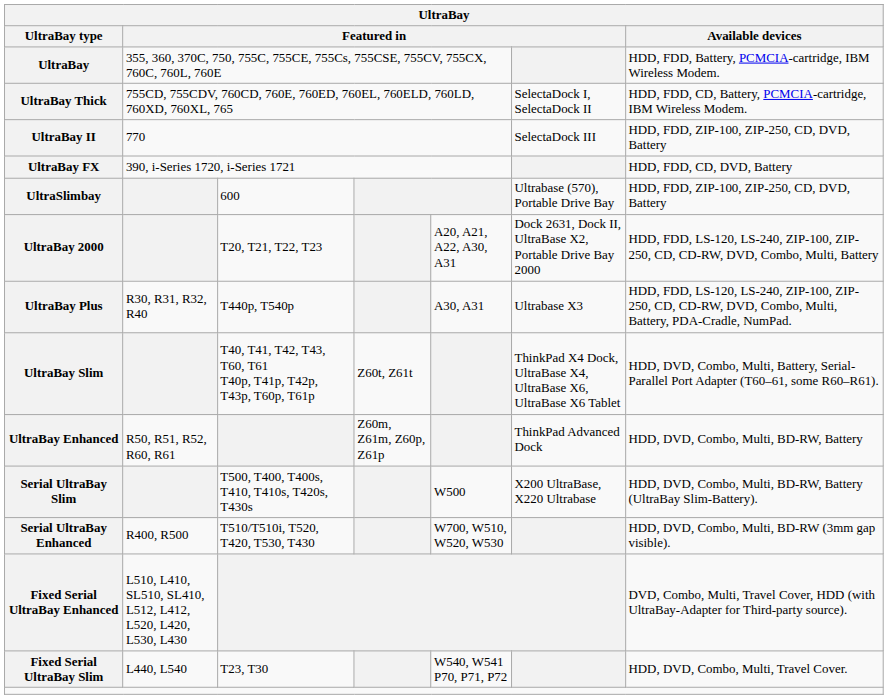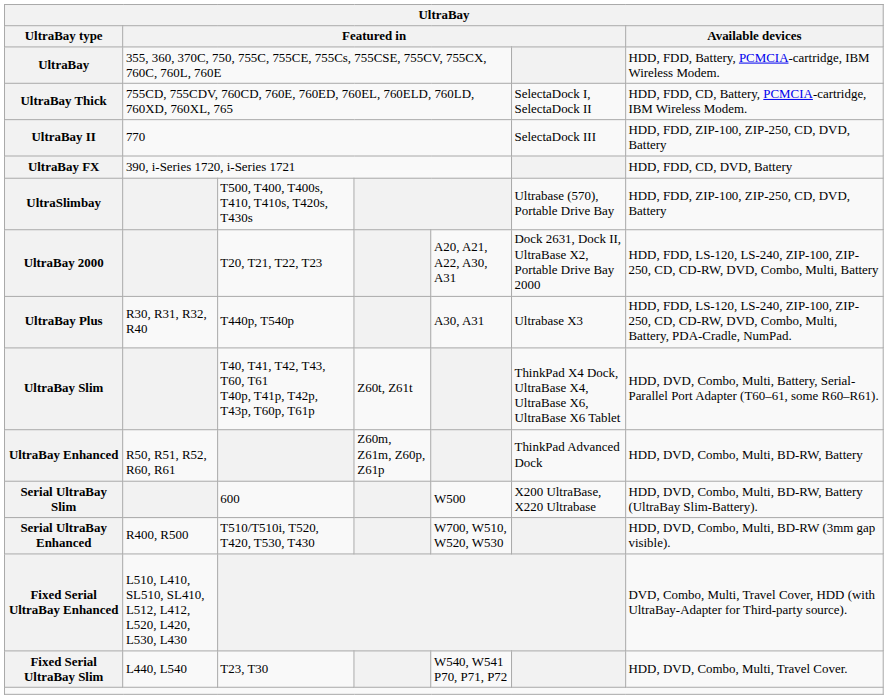 <table class="wikitable mw-collapsible" style="font-size: 80%; min-width: 75%;">
 <tr>
 <th colspan="7">UltraBay</th>
 </tr>
 <tr>
 <th>UltraBay type</th>
 <th colspan="5">Featured in</th>
 <th>Available devices</th>
 </tr>
 <tr>
 <th>UltraBay</th>
 <td colspan="4">355, 360, 370C, 750, 755C, 755CE, 755Cs, 755CSE, 755CV, 755CX, 760C, 760L, 760E</td>
 <th></th>
 <td>HDD, FDD, Battery, <a href='#'>PCMCIA</a>-cartridge, IBM Wireless Modem.</td>
 </tr>
 <tr>
 <th>UltraBay Thick</th>
 <td colspan="4">755CD, 755CDV, 760CD, 760E, 760ED, 760EL, 760ELD, 760LD, 760XD, 760XL, 765</td>
 <td>SelectaDock I, <br>SelectaDock II</td>
 <td>HDD, FDD, CD, Battery, <a href='#'>PCMCIA</a>-cartridge, IBM Wireless Modem.</td>
 </tr>
 <tr>
 <th>UltraBay II</th>
 <td colspan="4">770</td>
 <td>SelectaDock III</td>
 <td>HDD, FDD, ZIP-100, ZIP-250, CD, DVD, Battery</td>
 </tr>
 <tr>
 <th>UltraBay FX</th>
 <td colspan="4">390, i-Series 1720, i-Series 1721</td>
 <th></th>
 <td>HDD, FDD, CD, DVD, Battery</td>
 </tr>
 <tr>
 <th>UltraSlimbay</th>
 <th></th>
-<td>600</td>
+<td>T500, T400, T400s, T410, T410s, T420s, T430s</td>
 <th colspan="2"></th>
 <td>Ultrabase (570), <br>Portable Drive Bay</td>
 <td>HDD, FDD, ZIP-100, ZIP-250, CD, DVD, Battery</td>
 </tr>
 <tr>
 <th>UltraBay 2000</th>
 <th></th>
 <td>T20, T21, T22, T23</td>
 <th></th>
 <td>A20, A21, A22, A30, A31</td>
 <td>Dock 2631, Dock II, UltraBase X2,<br>Portable Drive Bay 2000</td>
 <td>HDD, FDD, LS-120, LS-240, ZIP-100, ZIP-250, CD, CD-RW, DVD, Combo, Multi, Battery</td>
 </tr>
 <tr>
 <th>UltraBay Plus</th>
 <td>R30, R31, R32, R40</td>
 <td>T440p, T540p</td>
 <th></th>
 <td>A30, A31</td>
 <td>Ultrabase X3</td>
 <td>HDD, FDD, LS-120, LS-240, ZIP-100, ZIP-250, CD, CD-RW, DVD, Combo, Multi, Battery, PDA-Cradle, NumPad.</td>
 </tr>
 <tr>
 <th>UltraBay Slim</th>
 <th></th>
 <td>T40, T41, T42, T43, T60, T61<br>T40p, T41p, T42p, T43p, T60p, T61p</td>
 <td>Z60t, Z61t</td>
 <th></th>
 <td><br>ThinkPad X4 Dock,<br>UltraBase X4, UltraBase X6,<br>UltraBase X6 Tablet</td>
 <td>HDD, DVD, Combo, Multi, Battery, Serial-Parallel Port Adapter (T60–61, some R60–R61).</td>
 </tr>
 <tr>
 <th>UltraBay Enhanced</th>
 <td><br>R50, R51, R52,<br> R60, R61</td>
 <th></th>
 <td>Z60m, Z61m, Z60p, Z61p</td>
 <th></th>
 <td>ThinkPad Advanced Dock</td>
 <td>HDD, DVD, Combo, Multi, BD-RW, Battery</td>
 </tr>
 <tr>
 <th>Serial UltraBay Slim</th>
 <th></th>
-<td>T500, T400, T400s, T410, T410s, T420s, T430s</td>
+<td>600</td>
 <th></th>
 <td>W500</td>
 <td>X200 UltraBase, <br>X220 Ultrabase</td>
 <td>HDD, DVD, Combo, Multi, BD-RW, Battery (UltraBay Slim-Battery).</td>
 </tr>
 <tr>
 <th>Serial UltraBay Enhanced</th>
 <td>R400, R500</td>
 <td>T510/T510i, T520, T420, T530, T430</td>
 <th></th>
 <td>W700, W510, W520, W530</td>
 <th></th>
 <td>HDD, DVD, Combo, Multi, BD-RW (3mm gap visible).</td>
 </tr>
 <tr>
 <th>Fixed Serial UltraBay Enhanced</th>
 <td><br>L510, L410,<br> SL510, SL410,<br> L512, L412,<br> L520, L420,<br> L530, L430</td>
 <th colspan="4"></th>
 <td>DVD, Combo, Multi, Travel Cover, HDD (with UltraBay-Adapter for Third-party source).</td>
 </tr>
 <tr>
 <th>Fixed Serial UltraBay Slim</th>
 <td>L440, L540</td>
 <td>T23, T30</td>
 <th></th>
 <td>W540, W541<br> P70, P71, P72</td>
 <th></th>
 <td>HDD, DVD, Combo, Multi, Travel Cover.</td>
 </tr>
 <tr>
 <td colspan="10"></td>
 </tr>
 </table>
